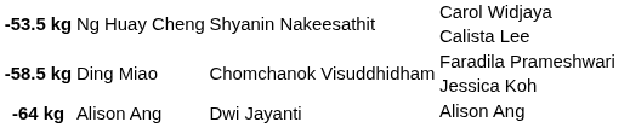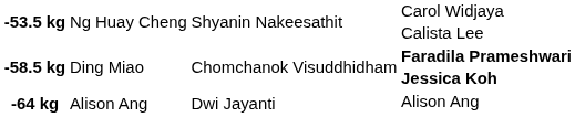 <table>
 <tr>
 <th scope=row rowspan=2>-53.5 kg</th>
 <td rowspan=2> Ng Huay Cheng</td>
 <td rowspan=2> Shyanin Nakeesathit</td>
 <td> Carol Widjaya</td>
 </tr>
 <tr>
 <td> Calista Lee</td>
 </tr>
 <tr>
 <th scope=row rowspan=2>-58.5 kg</th>
 <td rowspan=2> Ding Miao</td>
 <td rowspan=2> Chomchanok Visuddhidham</td>
-<td> Faradila Prameshwari</td>
+<td><strong> Faradila Prameshwari</strong></td>
 </tr>
 <tr>
-<td> Jessica Koh</td>
+<td><strong> Jessica Koh</strong></td>
 </tr>
 <tr>
 <th scope=row rowspan=2>-64 kg</th>
 <td rowspan=2> Alison Ang</td>
 <td rowspan=2> Dwi Jayanti</td>
 <td> Alison Ang</td>
 </tr>
 <tr>
 <td></td>
 </tr>
 <tr>
 </tr>
 <tr>
 </tr>
 </table>
